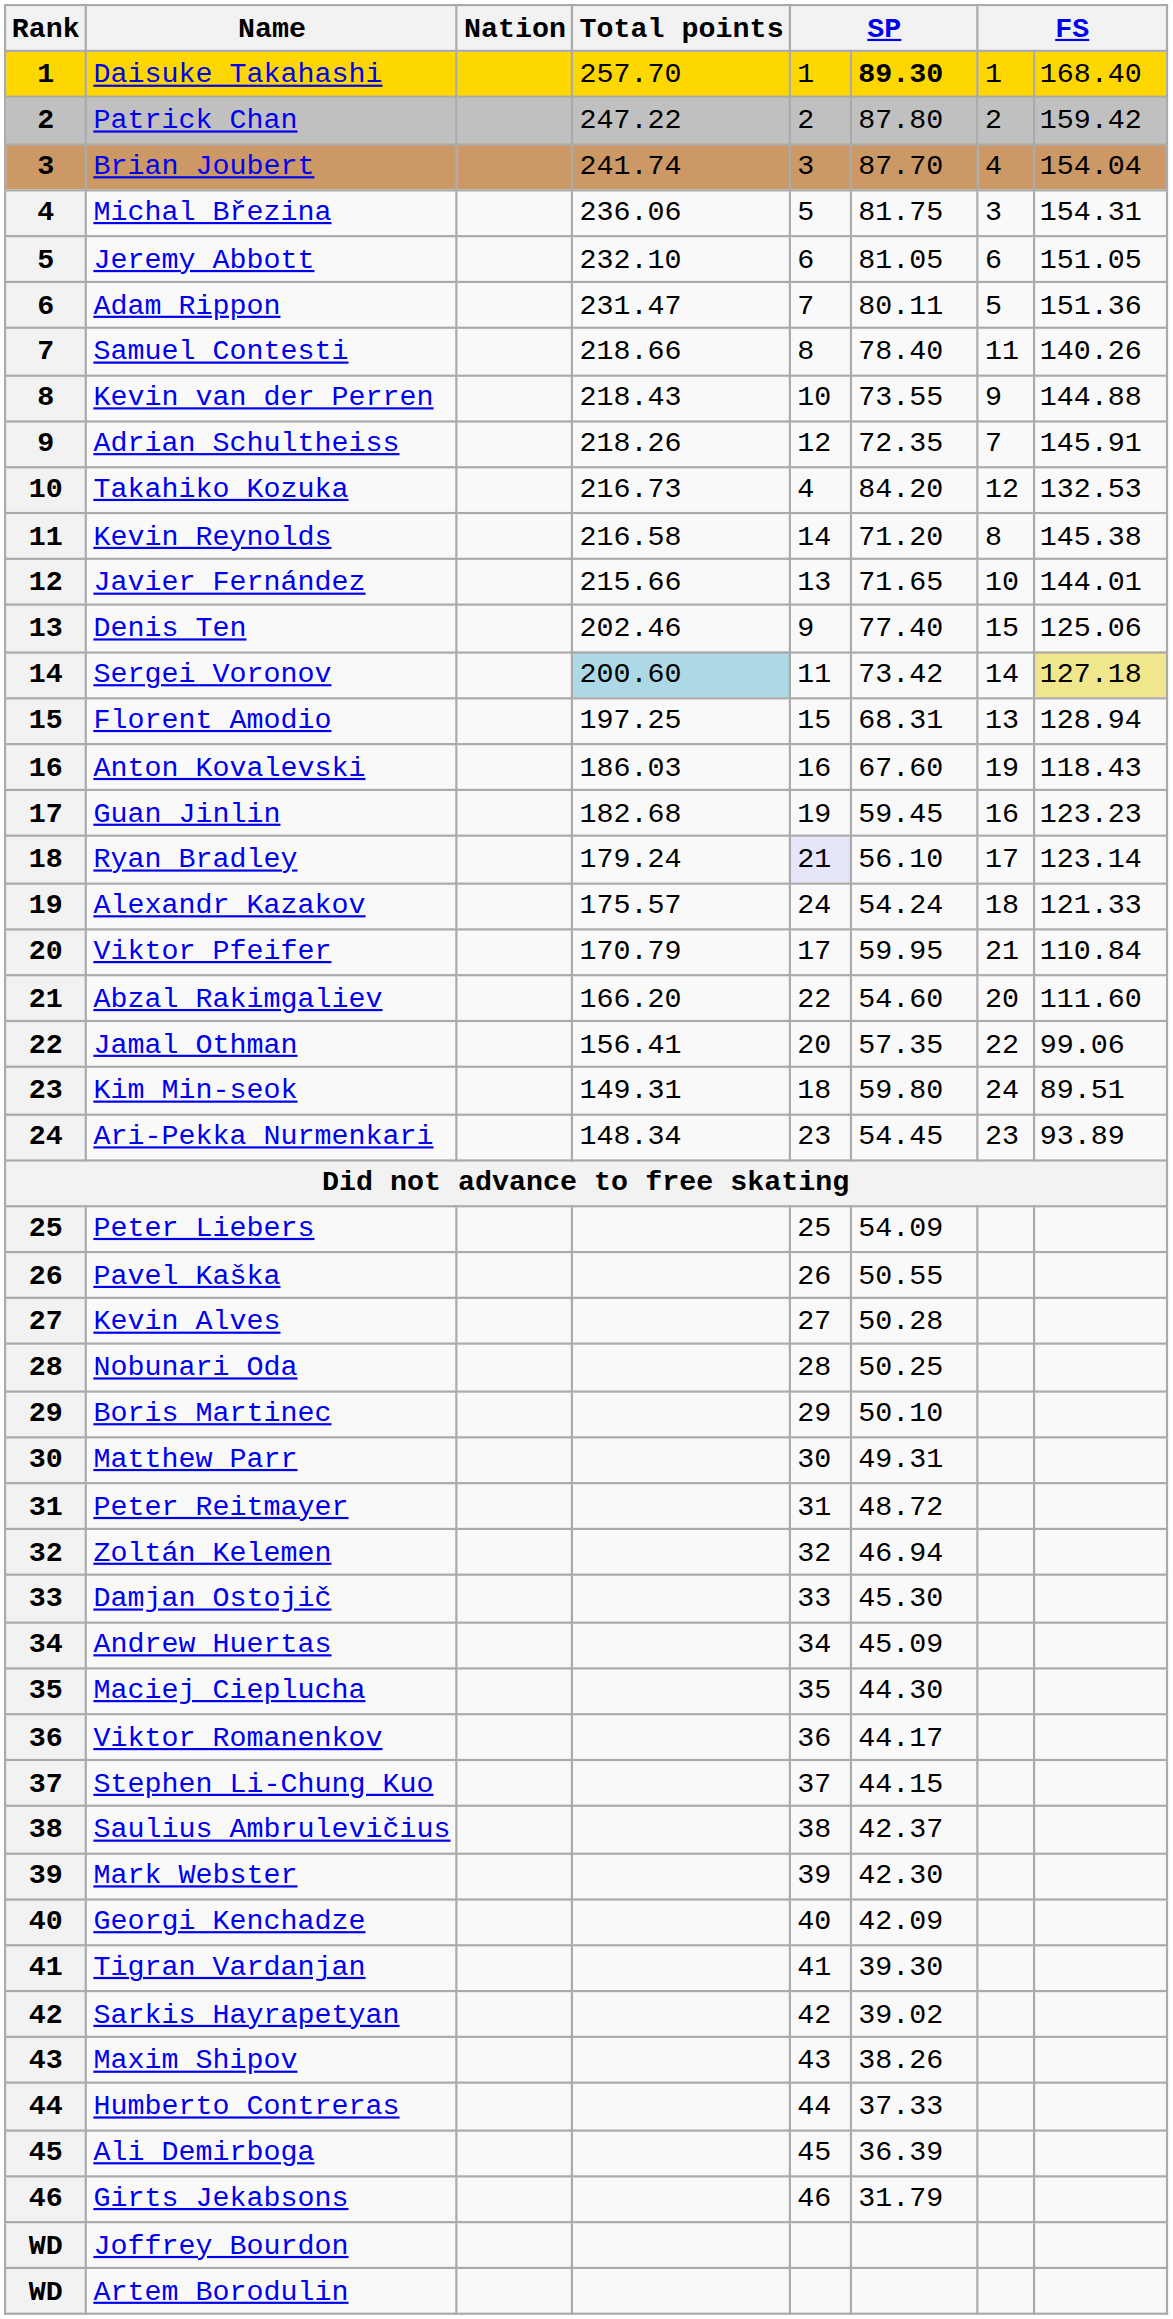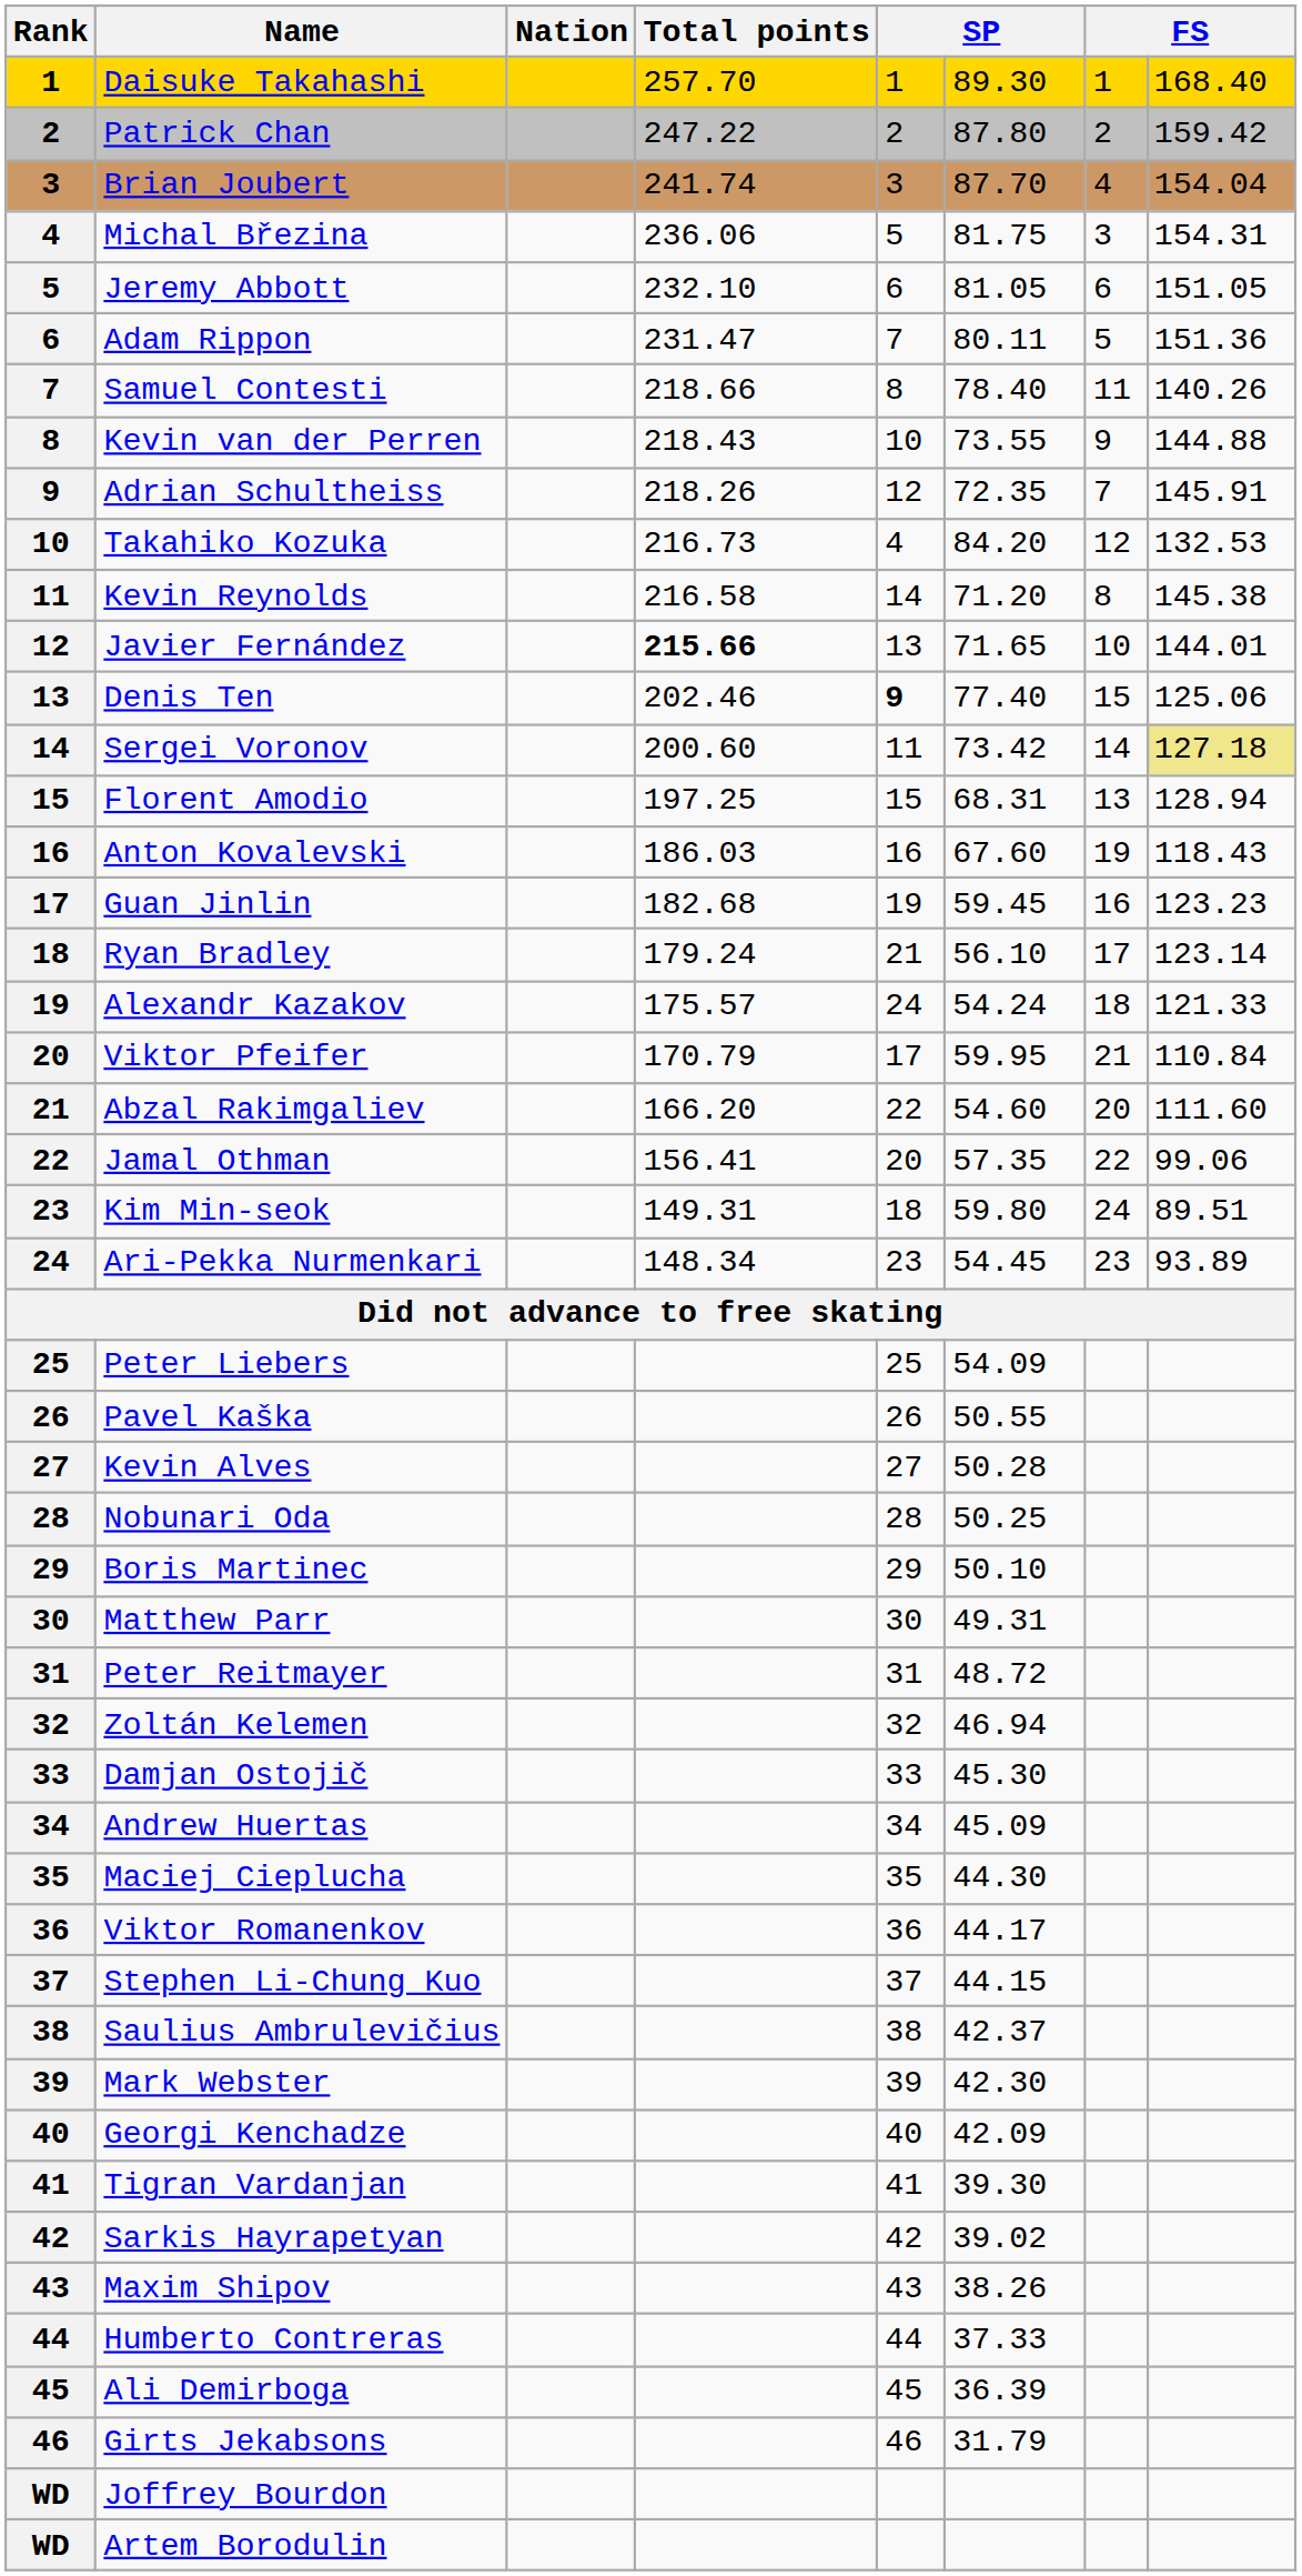 <table class="wikitable sortable">
 <tr>
 <th>Rank</th>
 <th>Name</th>
 <th>Nation</th>
 <th>Total points</th>
 <th colspan="2" width="80px"><a href='#'>SP</a></th>
 <th colspan="2" width="80px"><a href='#'>FS</a></th>
 </tr>
 <tr bgcolor=gold>
 <td align=center><strong>1</strong></td>
 <td><a href='#'>Daisuke Takahashi</a></td>
 <td></td>
 <td>257.70</td>
 <td>1</td>
-<td><strong>89.30</strong></td>
+<td>89.30</td>
 <td>1</td>
 <td>168.40</td>
 </tr>
 <tr bgcolor=silver>
 <td align=center><strong>2</strong></td>
 <td><a href='#'>Patrick Chan</a></td>
 <td></td>
 <td>247.22</td>
 <td>2</td>
 <td>87.80</td>
 <td>2</td>
 <td>159.42</td>
 </tr>
 <tr bgcolor=cc9966>
 <td align=center><strong>3</strong></td>
 <td><a href='#'>Brian Joubert</a></td>
 <td></td>
 <td>241.74</td>
 <td>3</td>
 <td>87.70</td>
 <td>4</td>
 <td>154.04</td>
 </tr>
 <tr>
 <th>4</th>
 <td><a href='#'>Michal Březina</a></td>
 <td></td>
 <td>236.06</td>
 <td>5</td>
 <td>81.75</td>
 <td>3</td>
 <td>154.31</td>
 </tr>
 <tr>
 <th>5</th>
 <td><a href='#'>Jeremy Abbott</a></td>
 <td></td>
 <td>232.10</td>
 <td>6</td>
 <td>81.05</td>
 <td>6</td>
 <td>151.05</td>
 </tr>
 <tr>
 <th>6</th>
 <td><a href='#'>Adam Rippon</a></td>
 <td></td>
 <td>231.47</td>
 <td>7</td>
 <td>80.11</td>
 <td>5</td>
 <td>151.36</td>
 </tr>
 <tr>
 <th>7</th>
 <td><a href='#'>Samuel Contesti</a></td>
 <td></td>
 <td>218.66</td>
 <td>8</td>
 <td>78.40</td>
 <td>11</td>
 <td>140.26</td>
 </tr>
 <tr>
 <th>8</th>
 <td><a href='#'>Kevin van der Perren</a></td>
 <td></td>
 <td>218.43</td>
 <td>10</td>
 <td>73.55</td>
 <td>9</td>
 <td>144.88</td>
 </tr>
 <tr>
 <th>9</th>
 <td><a href='#'>Adrian Schultheiss</a></td>
 <td></td>
 <td>218.26</td>
 <td>12</td>
 <td>72.35</td>
 <td>7</td>
 <td>145.91</td>
 </tr>
 <tr>
 <th>10</th>
 <td><a href='#'>Takahiko Kozuka</a></td>
 <td></td>
 <td>216.73</td>
 <td>4</td>
 <td>84.20</td>
 <td>12</td>
 <td>132.53</td>
 </tr>
 <tr>
 <th>11</th>
 <td><a href='#'>Kevin Reynolds</a></td>
 <td></td>
 <td>216.58</td>
 <td>14</td>
 <td>71.20</td>
 <td>8</td>
 <td>145.38</td>
 </tr>
 <tr>
 <th>12</th>
 <td><a href='#'>Javier Fernández</a></td>
 <td></td>
-<td>215.66</td>
+<td><strong>215.66</strong></td>
 <td>13</td>
 <td>71.65</td>
 <td>10</td>
 <td>144.01</td>
 </tr>
 <tr>
 <th>13</th>
 <td><a href='#'>Denis Ten</a></td>
 <td></td>
 <td>202.46</td>
-<td>9</td>
+<td><strong>9</strong></td>
 <td>77.40</td>
 <td>15</td>
 <td>125.06</td>
 </tr>
 <tr>
 <th>14</th>
 <td><a href='#'>Sergei Voronov</a></td>
 <td></td>
-<td style="background: lightblue;">200.60</td>
+<td>200.60</td>
 <td>11</td>
 <td>73.42</td>
 <td>14</td>
 <td style="background: khaki;">127.18</td>
 </tr>
 <tr>
 <th>15</th>
 <td><a href='#'>Florent Amodio</a></td>
 <td></td>
 <td>197.25</td>
 <td>15</td>
 <td>68.31</td>
 <td>13</td>
 <td>128.94</td>
 </tr>
 <tr>
 <th>16</th>
 <td><a href='#'>Anton Kovalevski</a></td>
 <td></td>
 <td>186.03</td>
 <td>16</td>
 <td>67.60</td>
 <td>19</td>
 <td>118.43</td>
 </tr>
 <tr>
 <th>17</th>
 <td><a href='#'>Guan Jinlin</a></td>
 <td></td>
 <td>182.68</td>
 <td>19</td>
 <td>59.45</td>
 <td>16</td>
 <td>123.23</td>
 </tr>
 <tr>
 <th>18</th>
 <td><a href='#'>Ryan Bradley</a></td>
 <td></td>
 <td>179.24</td>
-<td style="background: lavender;">21</td>
+<td>21</td>
 <td>56.10</td>
 <td>17</td>
 <td>123.14</td>
 </tr>
 <tr>
 <th>19</th>
 <td><a href='#'>Alexandr Kazakov</a></td>
 <td></td>
 <td>175.57</td>
 <td>24</td>
 <td>54.24</td>
 <td>18</td>
 <td>121.33</td>
 </tr>
 <tr>
 <th>20</th>
 <td><a href='#'>Viktor Pfeifer</a></td>
 <td></td>
 <td>170.79</td>
 <td>17</td>
 <td>59.95</td>
 <td>21</td>
 <td>110.84</td>
 </tr>
 <tr>
 <th>21</th>
 <td><a href='#'>Abzal Rakimgaliev</a></td>
 <td></td>
 <td>166.20</td>
 <td>22</td>
 <td>54.60</td>
 <td>20</td>
 <td>111.60</td>
 </tr>
 <tr>
 <th>22</th>
 <td><a href='#'>Jamal Othman</a></td>
 <td></td>
 <td>156.41</td>
 <td>20</td>
 <td>57.35</td>
 <td>22</td>
 <td>99.06</td>
 </tr>
 <tr>
 <th>23</th>
 <td><a href='#'>Kim Min-seok</a></td>
 <td></td>
 <td>149.31</td>
 <td>18</td>
 <td>59.80</td>
 <td>24</td>
 <td>89.51</td>
 </tr>
 <tr>
 <th>24</th>
 <td><a href='#'>Ari-Pekka Nurmenkari</a></td>
 <td></td>
 <td>148.34</td>
 <td>23</td>
 <td>54.45</td>
 <td>23</td>
 <td>93.89</td>
 </tr>
 <tr>
 <th colspan=8>Did not advance to free skating</th>
 </tr>
 <tr>
 <th>25</th>
 <td><a href='#'>Peter Liebers</a></td>
 <td></td>
 <td></td>
 <td>25</td>
 <td>54.09</td>
 <td></td>
 <td></td>
 </tr>
 <tr>
 <th>26</th>
 <td><a href='#'>Pavel Kaška</a></td>
 <td></td>
 <td></td>
 <td>26</td>
 <td>50.55</td>
 <td></td>
 <td></td>
 </tr>
 <tr>
 <th>27</th>
 <td><a href='#'>Kevin Alves</a></td>
 <td></td>
 <td></td>
 <td>27</td>
 <td>50.28</td>
 <td></td>
 <td></td>
 </tr>
 <tr>
 <th>28</th>
 <td><a href='#'>Nobunari Oda</a></td>
 <td></td>
 <td></td>
 <td>28</td>
 <td>50.25</td>
 <td></td>
 <td></td>
 </tr>
 <tr>
 <th>29</th>
 <td><a href='#'>Boris Martinec</a></td>
 <td></td>
 <td></td>
 <td>29</td>
 <td>50.10</td>
 <td></td>
 <td></td>
 </tr>
 <tr>
 <th>30</th>
 <td><a href='#'>Matthew Parr</a></td>
 <td></td>
 <td></td>
 <td>30</td>
 <td>49.31</td>
 <td></td>
 <td></td>
 </tr>
 <tr>
 <th>31</th>
 <td><a href='#'>Peter Reitmayer</a></td>
 <td></td>
 <td></td>
 <td>31</td>
 <td>48.72</td>
 <td></td>
 <td></td>
 </tr>
 <tr>
 <th>32</th>
 <td><a href='#'>Zoltán Kelemen</a></td>
 <td></td>
 <td></td>
 <td>32</td>
 <td>46.94</td>
 <td></td>
 <td></td>
 </tr>
 <tr>
 <th>33</th>
 <td><a href='#'>Damjan Ostojič</a></td>
 <td></td>
 <td></td>
 <td>33</td>
 <td>45.30</td>
 <td></td>
 <td></td>
 </tr>
 <tr>
 <th>34</th>
 <td><a href='#'>Andrew Huertas</a></td>
 <td></td>
 <td></td>
 <td>34</td>
 <td>45.09</td>
 <td></td>
 <td></td>
 </tr>
 <tr>
 <th>35</th>
 <td><a href='#'>Maciej Cieplucha</a></td>
 <td></td>
 <td></td>
 <td>35</td>
 <td>44.30</td>
 <td></td>
 <td></td>
 </tr>
 <tr>
 <th>36</th>
 <td><a href='#'>Viktor Romanenkov</a></td>
 <td></td>
 <td></td>
 <td>36</td>
 <td>44.17</td>
 <td></td>
 <td></td>
 </tr>
 <tr>
 <th>37</th>
 <td><a href='#'>Stephen Li-Chung Kuo</a></td>
 <td></td>
 <td></td>
 <td>37</td>
 <td>44.15</td>
 <td></td>
 <td></td>
 </tr>
 <tr>
 <th>38</th>
 <td><a href='#'>Saulius Ambrulevičius</a></td>
 <td></td>
 <td></td>
 <td>38</td>
 <td>42.37</td>
 <td></td>
 <td></td>
 </tr>
 <tr>
 <th>39</th>
 <td><a href='#'>Mark Webster</a></td>
 <td></td>
 <td></td>
 <td>39</td>
 <td>42.30</td>
 <td></td>
 <td></td>
 </tr>
 <tr>
 <th>40</th>
 <td><a href='#'>Georgi Kenchadze</a></td>
 <td></td>
 <td></td>
 <td>40</td>
 <td>42.09</td>
 <td></td>
 <td></td>
 </tr>
 <tr>
 <th>41</th>
 <td><a href='#'>Tigran Vardanjan</a></td>
 <td></td>
 <td></td>
 <td>41</td>
 <td>39.30</td>
 <td></td>
 <td></td>
 </tr>
 <tr>
 <th>42</th>
 <td><a href='#'>Sarkis Hayrapetyan</a></td>
 <td></td>
 <td></td>
 <td>42</td>
 <td>39.02</td>
 <td></td>
 <td></td>
 </tr>
 <tr>
 <th>43</th>
 <td><a href='#'>Maxim Shipov</a></td>
 <td></td>
 <td></td>
 <td>43</td>
 <td>38.26</td>
 <td></td>
 <td></td>
 </tr>
 <tr>
 <th>44</th>
 <td><a href='#'>Humberto Contreras</a></td>
 <td></td>
 <td></td>
 <td>44</td>
 <td>37.33</td>
 <td></td>
 <td></td>
 </tr>
 <tr>
 <th>45</th>
 <td><a href='#'>Ali Demirboga</a></td>
 <td></td>
 <td></td>
 <td>45</td>
 <td>36.39</td>
 <td></td>
 <td></td>
 </tr>
 <tr>
 <th>46</th>
 <td><a href='#'>Girts Jekabsons</a></td>
 <td></td>
 <td></td>
 <td>46</td>
 <td>31.79</td>
 <td></td>
 <td></td>
 </tr>
 <tr>
 <th>WD</th>
 <td><a href='#'>Joffrey Bourdon</a></td>
 <td></td>
 <td></td>
 <td></td>
 <td></td>
 <td></td>
 <td></td>
 </tr>
 <tr>
 <th>WD</th>
 <td><a href='#'>Artem Borodulin</a></td>
 <td></td>
 <td></td>
 <td></td>
 <td></td>
 <td></td>
 <td></td>
 </tr>
 </table>
